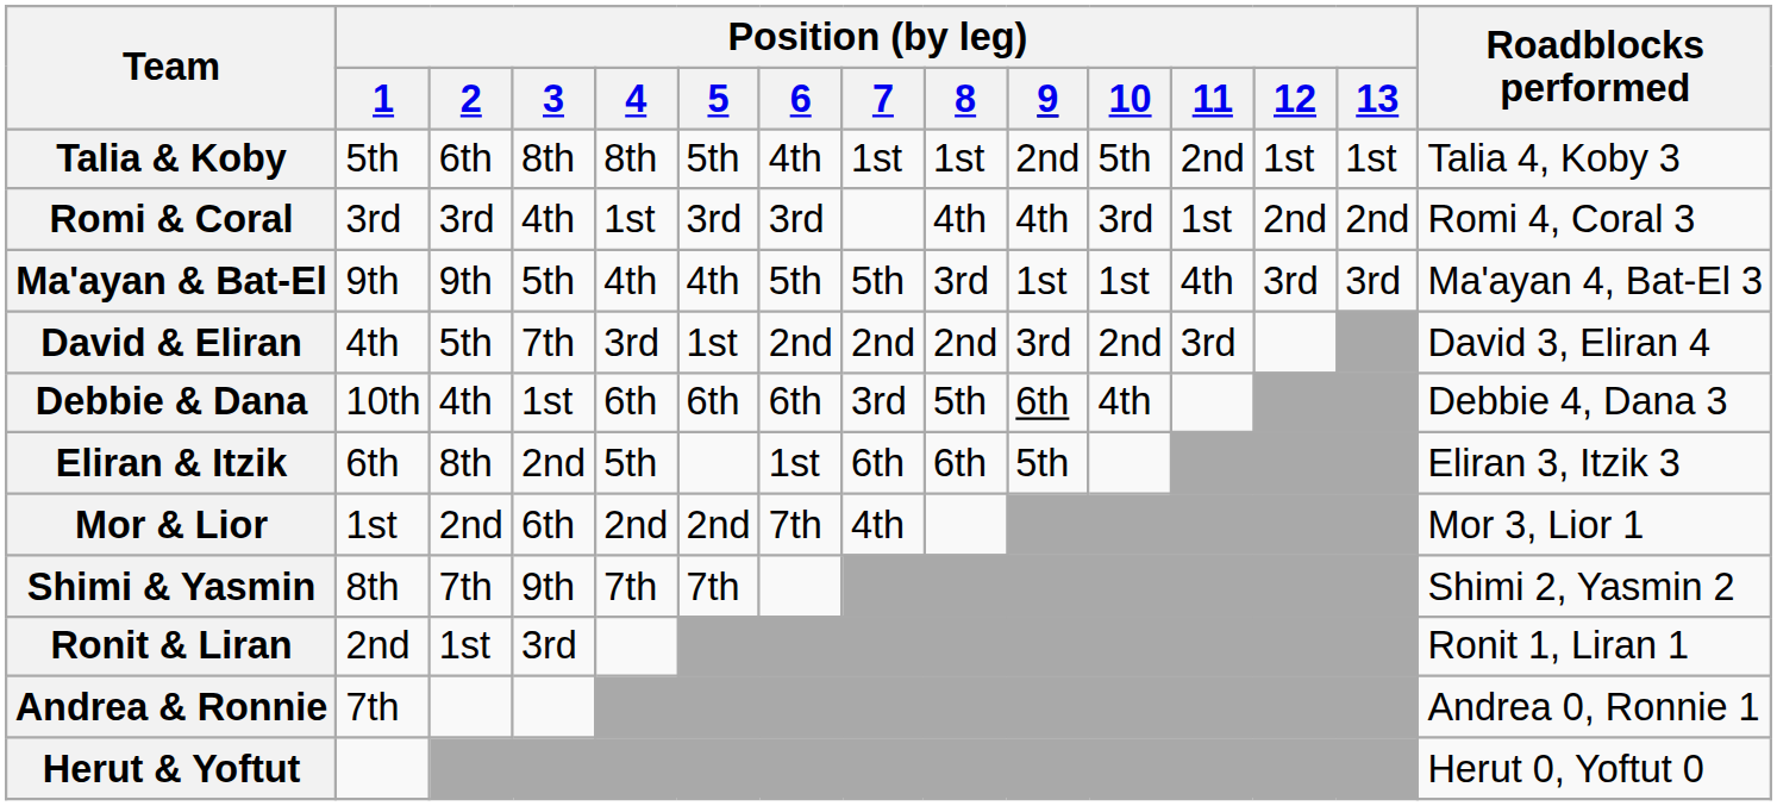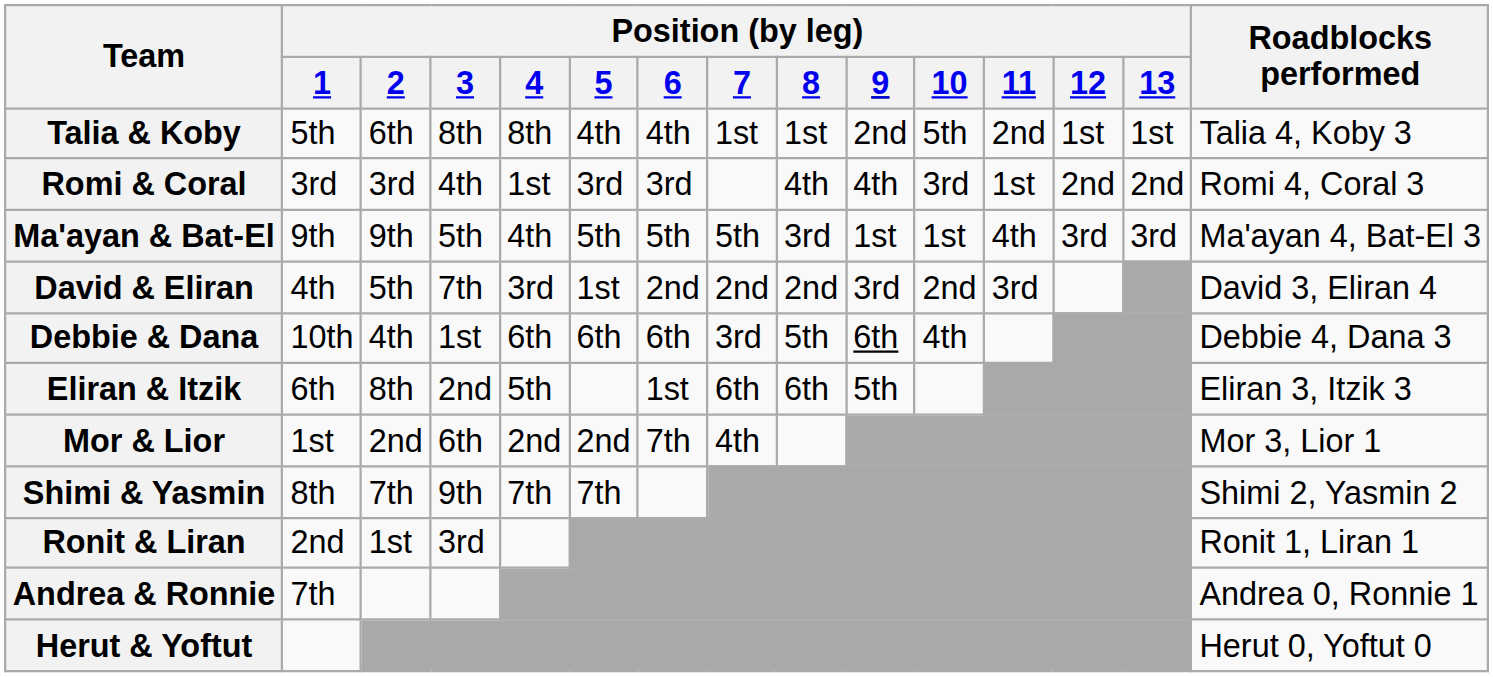 <table class=wikitable style="white-space:nowrap; font-size:90%;">
 <tr>
 <th rowspan=2>Team</th>
 <th colspan=13>Position (by leg)</th>
 <th rowspan=2>Roadblocks<br>performed</th>
 </tr>
 <tr>
 <th><a href='#'>1</a></th>
 <th><a href='#'>2</a></th>
 <th><a href='#'>3</a></th>
 <th><a href='#'>4</a></th>
 <th><a href='#'>5</a></th>
 <th><a href='#'>6</a></th>
 <th><a href='#'>7</a></th>
 <th><a href='#'>8</a></th>
 <th><u><a href='#'>9</a></u></th>
 <th><a href='#'>10</a></th>
 <th><a href='#'>11</a></th>
 <th><a href='#'>12</a></th>
 <th><a href='#'>13</a></th>
 </tr>
 <tr>
 <th>Talia & Koby</th>
 <td>5th</td>
 <td>6th</td>
 <td>8th</td>
 <td>8th</td>
-<td>5th</td>
+<td>4th</td>
 <td>4th</td>
 <td>1st</td>
 <td>1st</td>
 <td>2nd</td>
 <td>5th</td>
 <td>2nd</td>
 <td>1st</td>
 <td>1st</td>
 <td>Talia 4, Koby 3</td>
 </tr>
 <tr>
 <th>Romi & Coral</th>
 <td>3rd</td>
 <td>3rd</td>
 <td>4th</td>
 <td>1st</td>
 <td>3rd</td>
 <td>3rd</td>
 <td></td>
 <td>4th</td>
 <td>4th</td>
 <td>3rd</td>
 <td>1st</td>
 <td>2nd</td>
 <td>2nd</td>
 <td>Romi 4, Coral 3</td>
 </tr>
 <tr>
 <th>Ma'ayan & Bat-El</th>
 <td>9th</td>
 <td>9th</td>
 <td>5th</td>
 <td>4th</td>
-<td>4th</td>
+<td>5th</td>
 <td>5th</td>
 <td>5th</td>
 <td>3rd</td>
 <td>1st</td>
 <td>1st</td>
 <td>4th</td>
 <td>3rd</td>
 <td>3rd</td>
 <td>Ma'ayan 4, Bat-El 3</td>
 </tr>
 <tr>
 <th>David & Eliran</th>
 <td>4th</td>
 <td>5th</td>
 <td>7th</td>
 <td>3rd</td>
 <td>1st</td>
 <td>2nd</td>
 <td>2nd</td>
 <td>2nd</td>
 <td>3rd</td>
 <td>2nd</td>
 <td>3rd</td>
 <td></td>
 <td colspan=1 bgcolor=darkgray></td>
 <td>David 3, Eliran 4</td>
 </tr>
 <tr>
 <th>Debbie & Dana</th>
 <td>10th</td>
 <td>4th</td>
 <td>1st</td>
 <td>6th</td>
 <td>6th</td>
 <td>6th</td>
 <td>3rd</td>
 <td>5th</td>
 <td><u>6th</u></td>
 <td>4th</td>
 <td></td>
 <td colspan=2 bgcolor=darkgray></td>
 <td>Debbie 4, Dana 3</td>
 </tr>
 <tr>
 <th>Eliran & Itzik</th>
 <td>6th</td>
 <td>8th</td>
 <td>2nd</td>
 <td>5th</td>
 <td></td>
 <td>1st</td>
 <td>6th</td>
 <td>6th</td>
 <td>5th</td>
 <td></td>
 <td colspan=3 bgcolor=darkgray></td>
 <td>Eliran 3, Itzik 3</td>
 </tr>
 <tr>
 <th>Mor & Lior</th>
 <td>1st</td>
 <td>2nd</td>
 <td>6th</td>
 <td>2nd</td>
 <td>2nd</td>
 <td>7th</td>
 <td>4th</td>
 <td></td>
 <td colspan=5 bgcolor=darkgray></td>
 <td>Mor 3, Lior 1</td>
 </tr>
 <tr>
 <th>Shimi & Yasmin</th>
 <td>8th</td>
 <td>7th</td>
 <td>9th</td>
 <td>7th</td>
 <td>7th</td>
 <td></td>
 <td colspan=7 bgcolor=darkgray></td>
 <td>Shimi 2, Yasmin 2</td>
 </tr>
 <tr>
 <th>Ronit & Liran</th>
 <td>2nd</td>
 <td>1st</td>
 <td>3rd</td>
 <td></td>
 <td colspan=9 bgcolor=darkgray></td>
 <td>Ronit 1, Liran 1</td>
 </tr>
 <tr>
 <th>Andrea & Ronnie</th>
 <td>7th</td>
 <td><em></em></td>
 <td></td>
 <td colspan=10 bgcolor=darkgray></td>
 <td>Andrea 0, Ronnie 1</td>
 </tr>
 <tr>
 <th>Herut & Yoftut</th>
 <td></td>
 <td colspan=12 bgcolor=darkgray></td>
 <td>Herut 0, Yoftut 0</td>
 </tr>
 </table>
